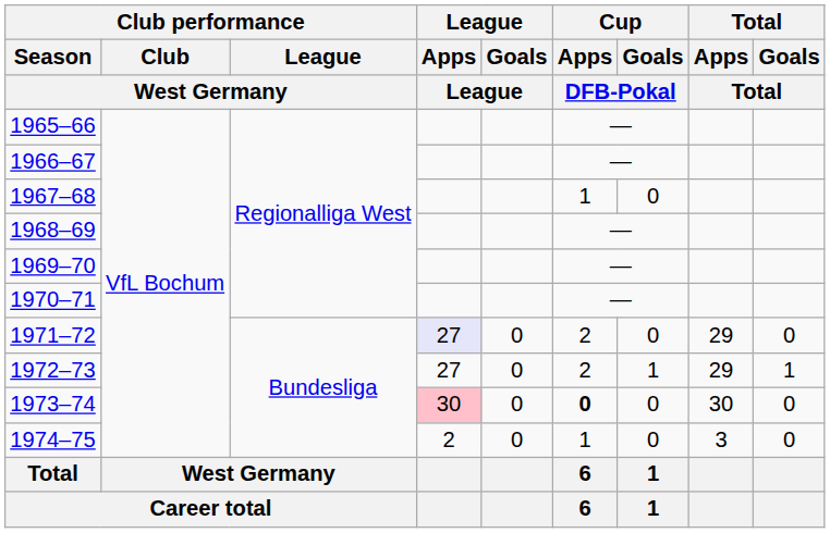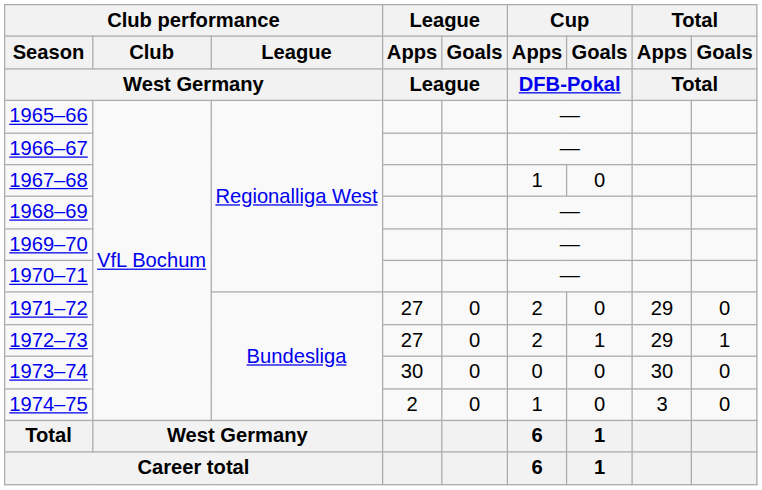 <table class="wikitable" style="text-align:center">
 <tr>
 <th colspan=3>Club performance</th>
 <th colspan=2>League</th>
 <th colspan=2>Cup</th>
 <th colspan=2>Total</th>
 </tr>
 <tr>
 <th>Season</th>
 <th>Club</th>
 <th>League</th>
 <th>Apps</th>
 <th>Goals</th>
 <th>Apps</th>
 <th>Goals</th>
 <th>Apps</th>
 <th>Goals</th>
 </tr>
 <tr>
 <th colspan=3>West Germany</th>
 <th colspan=2>League</th>
 <th colspan=2><a href='#'>DFB-Pokal</a></th>
 <th colspan=2>Total</th>
 </tr>
 <tr>
 <td><a href='#'>1965–66</a></td>
 <td rowspan="10"><a href='#'>VfL Bochum</a></td>
 <td rowspan="6"><a href='#'>Regionalliga West</a></td>
 <td></td>
 <td></td>
 <td colspan="2">—</td>
 <td></td>
 <td></td>
 </tr>
 <tr>
 <td><a href='#'>1966–67</a></td>
 <td></td>
 <td></td>
 <td colspan="2">—</td>
 <td></td>
 <td></td>
 </tr>
 <tr>
 <td><a href='#'>1967–68</a></td>
 <td></td>
 <td></td>
 <td>1</td>
 <td>0</td>
 <td></td>
 <td></td>
 </tr>
 <tr>
 <td><a href='#'>1968–69</a></td>
 <td></td>
 <td></td>
 <td colspan="2">—</td>
 <td></td>
 <td></td>
 </tr>
 <tr>
 <td><a href='#'>1969–70</a></td>
 <td></td>
 <td></td>
 <td colspan="2">—</td>
 <td></td>
 <td></td>
 </tr>
 <tr>
 <td><a href='#'>1970–71</a></td>
 <td></td>
 <td></td>
 <td colspan="2">—</td>
 <td></td>
 <td></td>
 </tr>
 <tr>
 <td><a href='#'>1971–72</a></td>
 <td rowspan="4"><a href='#'>Bundesliga</a></td>
-<td style="background: lavender;">27</td>
+<td>27</td>
 <td>0</td>
 <td>2</td>
 <td>0</td>
 <td>29</td>
 <td>0</td>
 </tr>
 <tr>
 <td><a href='#'>1972–73</a></td>
 <td>27</td>
 <td>0</td>
 <td>2</td>
 <td>1</td>
 <td>29</td>
 <td>1</td>
 </tr>
 <tr>
 <td><a href='#'>1973–74</a></td>
-<td style="background: pink;">30</td>
+<td>30</td>
 <td>0</td>
-<td><strong>0</strong></td>
+<td>0</td>
 <td>0</td>
 <td>30</td>
 <td>0</td>
 </tr>
 <tr>
 <td><a href='#'>1974–75</a></td>
 <td>2</td>
 <td>0</td>
 <td>1</td>
 <td>0</td>
 <td>3</td>
 <td>0</td>
 </tr>
 <tr>
 <th rowspan=1>Total</th>
 <th colspan=2>West Germany</th>
 <th></th>
 <th></th>
 <th>6</th>
 <th>1</th>
 <th></th>
 <th></th>
 </tr>
 <tr>
 <th colspan=3>Career total</th>
 <th></th>
 <th></th>
 <th>6</th>
 <th>1</th>
 <th></th>
 <th></th>
 </tr>
 </table>
